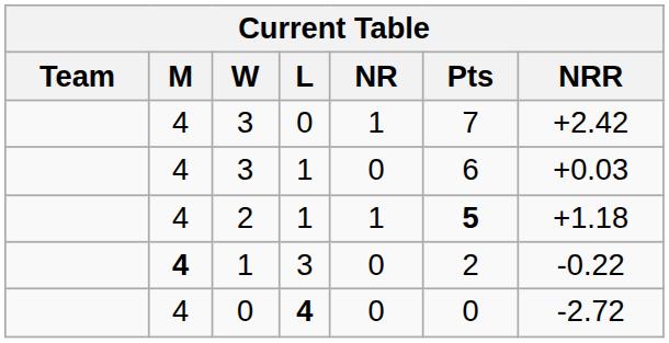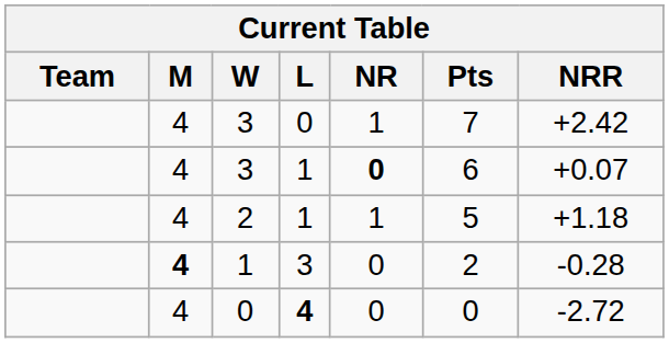 <table class="wikitable" style="text-align:left; width:40%">
 <tr>
 <th colspan="8">Current Table</th>
 </tr>
 <tr>
 <th>Team</th>
 <th>M</th>
 <th>W</th>
 <th>L</th>
 <th>NR</th>
 <th>Pts</th>
 <th>NRR</th>
 </tr>
 <tr style="text-align:center;">
 <td align=left></td>
 <td>4</td>
 <td>3</td>
 <td>0</td>
 <td>1</td>
 <td>7</td>
 <td>+2.42</td>
 </tr>
 <tr style="text-align:center;">
 <td align=left></td>
 <td>4</td>
 <td>3</td>
 <td>1</td>
-<td>0</td>
+<td><strong>0</strong></td>
 <td>6</td>
-<td>+0.03</td>
+<td>+0.07</td>
 </tr>
 <tr style="text-align:center;">
 <td align=left></td>
 <td>4</td>
 <td>2</td>
 <td>1</td>
 <td>1</td>
-<td><strong>5</strong></td>
+<td>5</td>
 <td>+1.18</td>
 </tr>
 <tr style="text-align:center;">
 <td align=left></td>
 <td><strong>4</strong></td>
 <td>1</td>
 <td>3</td>
 <td>0</td>
 <td>2</td>
-<td>-0.22</td>
+<td>-0.28</td>
 </tr>
 <tr style="text-align:center;">
 <td align=left></td>
 <td>4</td>
 <td>0</td>
 <td><strong>4</strong></td>
 <td>0</td>
 <td>0</td>
 <td>-2.72</td>
 </tr>
 </table>
